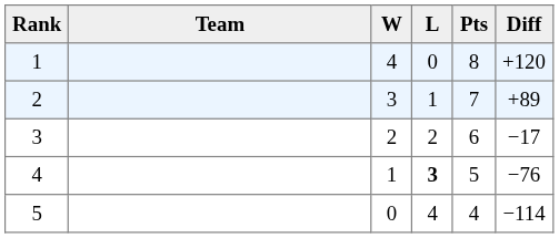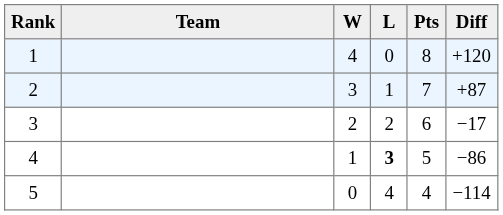 <table style=border-collapse:collapse border=1 cellspacing=0 cellpadding=5>
 <tr align=center bgcolor=#efefef>
 <th width=20>Rank</th>
 <th width=220>Team</th>
 <th width=20>W</th>
 <th width=20>L</th>
 <th width=20>Pts</th>
 <th width=25>Diff</th>
 </tr>
 <tr align=center bgcolor=#EBF5FF>
 <td>1</td>
 <td align=left></td>
 <td>4</td>
 <td>0</td>
 <td>8</td>
 <td>+120</td>
 </tr>
 <tr align=center bgcolor=#EBF5FF>
 <td>2</td>
 <td align=left></td>
 <td>3</td>
 <td>1</td>
 <td>7</td>
-<td>+89</td>
+<td>+87</td>
 </tr>
 <tr align=center>
 <td>3</td>
 <td align=left></td>
 <td>2</td>
 <td>2</td>
 <td>6</td>
 <td>−17</td>
 </tr>
 <tr align=center>
 <td>4</td>
 <td align=left></td>
 <td>1</td>
 <td><strong>3</strong></td>
 <td>5</td>
-<td>−76</td>
+<td>−86</td>
 </tr>
 <tr align=center>
 <td>5</td>
 <td align=left></td>
 <td>0</td>
 <td>4</td>
 <td>4</td>
 <td>−114</td>
 </tr>
 </table>
